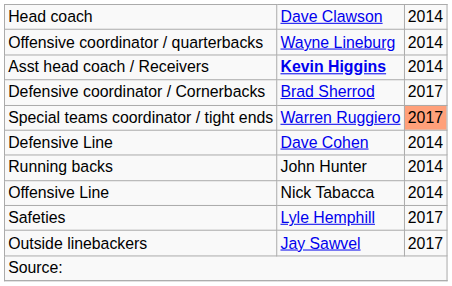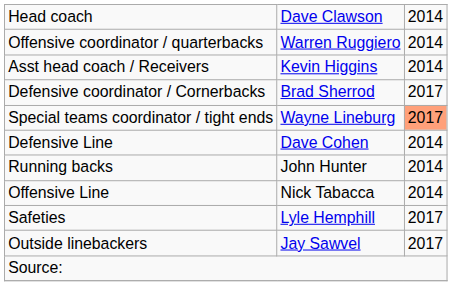 <table class="wikitable">
 <tr>
 <td>Head coach</td>
 <td><a href='#'>Dave Clawson</a></td>
 <td>2014</td>
 </tr>
 <tr>
 <td>Offensive coordinator / quarterbacks</td>
-<td><a href='#'>Wayne Lineburg</a></td>
+<td><a href='#'>Warren Ruggiero</a></td>
 <td>2014</td>
 </tr>
 <tr>
 <td>Asst head coach / Receivers</td>
-<td><strong><a href='#'>Kevin Higgins</a></strong></td>
+<td><a href='#'>Kevin Higgins</a></td>
 <td>2014</td>
 </tr>
 <tr>
 <td>Defensive coordinator / Cornerbacks</td>
 <td><a href='#'>Brad Sherrod</a></td>
 <td>2017</td>
 </tr>
 <tr>
 <td>Special teams coordinator / tight ends</td>
-<td><a href='#'>Warren Ruggiero</a></td>
+<td><a href='#'>Wayne Lineburg</a></td>
 <td style="background: lightsalmon;">2017</td>
 </tr>
 <tr>
 <td>Defensive Line</td>
 <td><a href='#'>Dave Cohen</a></td>
 <td>2014</td>
 </tr>
 <tr>
 <td>Running backs</td>
 <td>John Hunter</td>
 <td>2014</td>
 </tr>
 <tr>
 <td>Offensive Line</td>
 <td>Nick Tabacca</td>
 <td>2014</td>
 </tr>
 <tr>
 <td>Safeties</td>
 <td><a href='#'>Lyle Hemphill</a></td>
 <td>2017</td>
 </tr>
 <tr>
 <td>Outside linebackers</td>
 <td><a href='#'>Jay Sawvel</a></td>
 <td>2017</td>
 </tr>
 <tr>
 <td colspan=4>Source:</td>
 </tr>
 <tr>
 </tr>
 </table>
